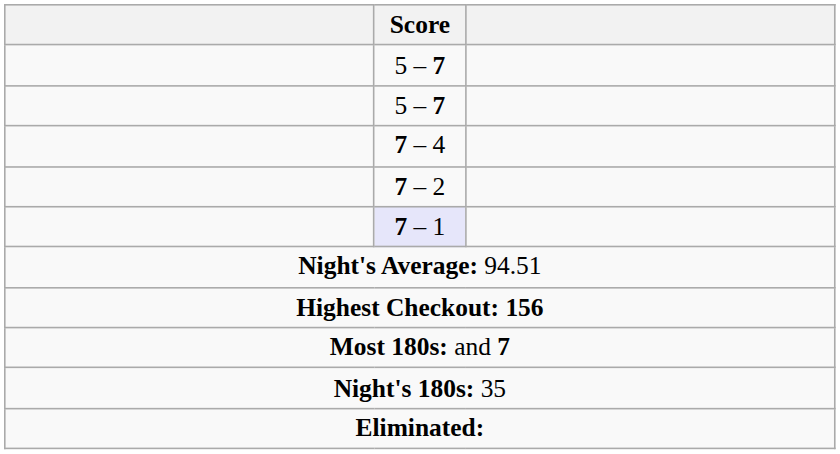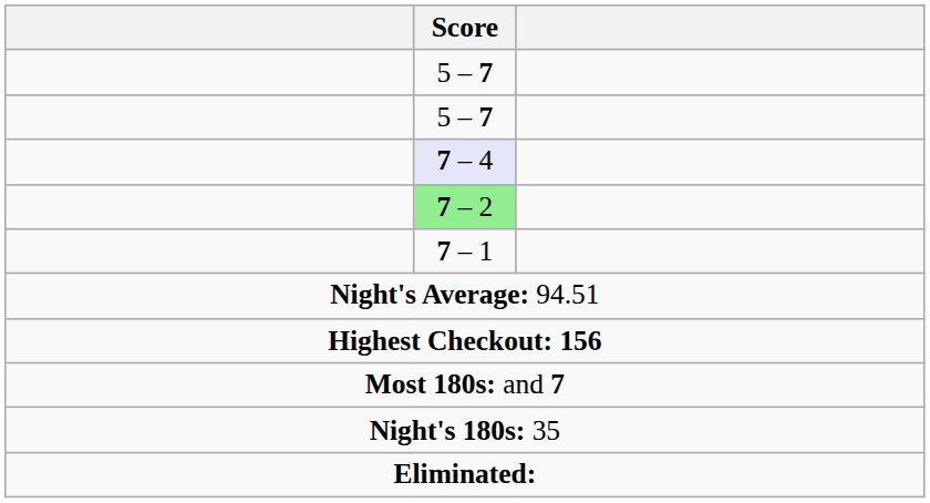 <table class=wikitable style="text-align:center">
 <tr>
 <th width=225></th>
 <th width=50>Score</th>
 <th width=225></th>
 </tr>
 <tr align=left>
 <td align=right></td>
 <td align=center>5 – <strong>7</strong></td>
 <td></td>
 </tr>
 <tr align=left>
 <td align=right></td>
 <td align=center>5 – <strong>7</strong></td>
 <td></td>
 </tr>
 <tr align=left>
 <td align=right></td>
-<td align=center><strong>7</strong> – 4</td>
+<td align=center style="background: lavender;"><strong>7</strong> – 4</td>
 <td></td>
 </tr>
 <tr align=left>
 <td align=right></td>
-<td align=center><strong>7</strong> – 2</td>
+<td align=center style="background: lightgreen;"><strong>7</strong> – 2</td>
 <td></td>
 </tr>
 <tr align=left>
 <td align=right></td>
-<td align=center style="background: lavender;"><strong>7</strong> – 1</td>
+<td align=center><strong>7</strong> – 1</td>
 <td></td>
 </tr>
 <tr align=center>
 <td colspan="3"><strong>Night's Average:</strong> 94.51</td>
 </tr>
 <tr align=center>
 <td colspan="3"><strong>Highest Checkout:</strong>  <strong>156</strong></td>
 </tr>
 <tr align=center>
 <td colspan="3"><strong>Most 180s:</strong>   and  <strong>7</strong></td>
 </tr>
 <tr align=center>
 <td colspan="3"><strong>Night's 180s:</strong> 35</td>
 </tr>
 <tr align=center>
 <td colspan="3"><strong>Eliminated:</strong> </td>
 </tr>
 </table>
